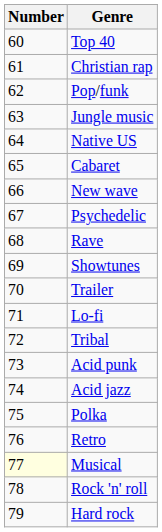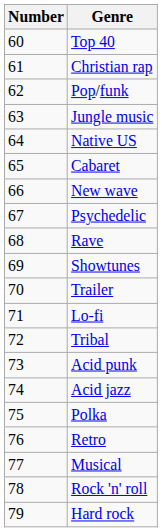 <table class="wikitable">
 <tr>
 <th>Number</th>
 <th>Genre</th>
 </tr>
 <tr>
 <td>60</td>
 <td><a href='#'>Top 40</a></td>
 </tr>
 <tr>
 <td>61</td>
 <td><a href='#'>Christian rap</a></td>
 </tr>
 <tr>
 <td>62</td>
 <td><a href='#'>Pop</a>/<a href='#'>funk</a></td>
 </tr>
 <tr>
 <td>63</td>
 <td><a href='#'>Jungle music</a></td>
 </tr>
 <tr>
 <td>64</td>
 <td><a href='#'>Native US</a></td>
 </tr>
 <tr>
 <td>65</td>
 <td><a href='#'>Cabaret</a></td>
 </tr>
 <tr>
 <td>66</td>
 <td><a href='#'>New wave</a></td>
 </tr>
 <tr>
 <td>67</td>
 <td><a href='#'>Psychedelic</a></td>
 </tr>
 <tr>
 <td>68</td>
 <td><a href='#'>Rave</a></td>
 </tr>
 <tr>
 <td>69</td>
 <td><a href='#'>Showtunes</a></td>
 </tr>
 <tr>
 <td>70</td>
 <td><a href='#'>Trailer</a></td>
 </tr>
 <tr>
 <td>71</td>
 <td><a href='#'>Lo-fi</a></td>
 </tr>
 <tr>
 <td>72</td>
 <td><a href='#'>Tribal</a></td>
 </tr>
 <tr>
 <td>73</td>
 <td><a href='#'>Acid punk</a></td>
 </tr>
 <tr>
 <td>74</td>
 <td><a href='#'>Acid jazz</a></td>
 </tr>
 <tr>
 <td>75</td>
 <td><a href='#'>Polka</a></td>
 </tr>
 <tr>
 <td>76</td>
 <td><a href='#'>Retro</a></td>
 </tr>
 <tr>
-<td style="background: lightyellow;">77</td>
+<td>77</td>
 <td><a href='#'>Musical</a></td>
 </tr>
 <tr>
 <td>78</td>
 <td><a href='#'>Rock 'n' roll</a></td>
 </tr>
 <tr>
 <td>79</td>
 <td><a href='#'>Hard rock</a></td>
 </tr>
 </table>
